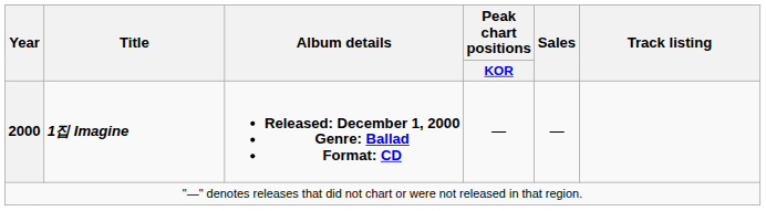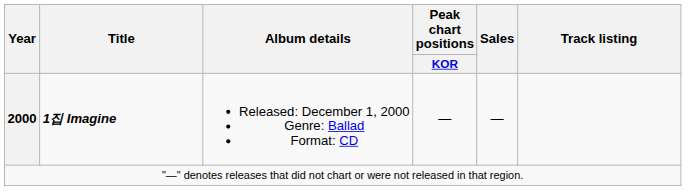 <table class="wikitable plainrowheaders" style="text-align:center">
 <tr>
 <th scope="col" rowspan="2">Year</th>
 <th scope="col" rowspan="2" style="width:12em;">Title</th>
 <th scope="col" rowspan="2">Album details</th>
 <th scope="col" colspan="1">Peak chart<br>positions</th>
 <th scope="col" rowspan="2">Sales</th>
 <th scope="col" rowspan="2" style="width:12em;">Track listing</th>
 </tr>
 <tr>
 <th scope="col" style="width:3em;font-size:90%;"><a href='#'>KOR</a><br></th>
 </tr>
 <tr>
 <th>2000</th>
 <td align="left"><strong><em>1집 Imagine</em></strong></td>
-<td><strong><br><ul><li>Released: December 1, 2000</li><li>Genre: <a href='#'>Ballad</a></li><li>Format: <a href='#'>CD</a></li></ul></strong></td>
+<td><br><ul><li>Released: December 1, 2000</li><li>Genre: <a href='#'>Ballad</a></li><li>Format: <a href='#'>CD</a></li></ul></td>
 <td>—</td>
 <td>—</td>
 <td></td>
 </tr>
 <tr>
 <td colspan="6"><small>"—" denotes releases that did not chart or were not released in that region.</small></td>
 </tr>
 </table>
